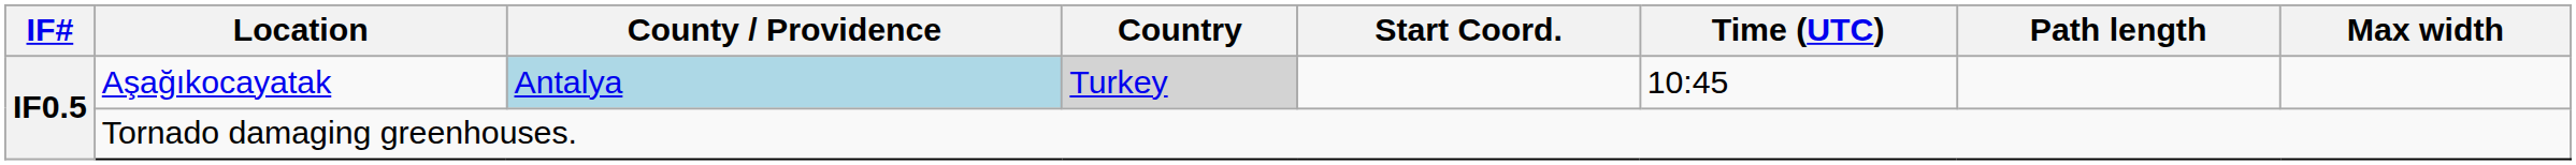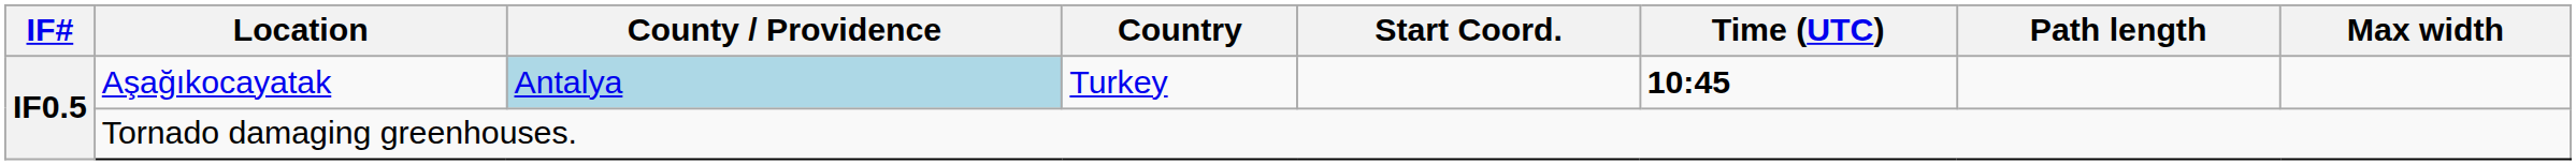 <table class="wikitable sortable" style="width:100%;">
 <tr>
 <th scope="col" width="2%" align="center"><a href='#'>IF#</a></th>
 <th scope="col" align="center" class="unsortable">Location</th>
 <th scope="col" align="center" class="unsortable">County / Providence</th>
 <th scope="col" align="center">Country</th>
 <th scope="col" align="center">Start Coord.</th>
 <th scope="col" align="center">Time (<a href='#'>UTC</a>)</th>
 <th scope="col" align="center">Path length</th>
 <th scope="col" align="center">Max width</th>
 </tr>
 <tr>
 <th scope="row" rowspan="2" style="background-color:#">IF0.5</th>
 <td><a href='#'>Aşağıkocayatak</a></td>
 <td style="background: lightblue;"><a href='#'>Antalya</a></td>
-<td style="background: lightgrey;"><a href='#'>Turkey</a></td>
+<td><a href='#'>Turkey</a></td>
 <td></td>
-<td>10:45</td>
+<td><strong>10:45</strong></td>
 <td></td>
 <td></td>
 </tr>
 <tr class="expand-child">
 <td colspan="8" style=" border-bottom: 1px solid black;">Tornado damaging greenhouses.</td>
 </tr>
 </table>
